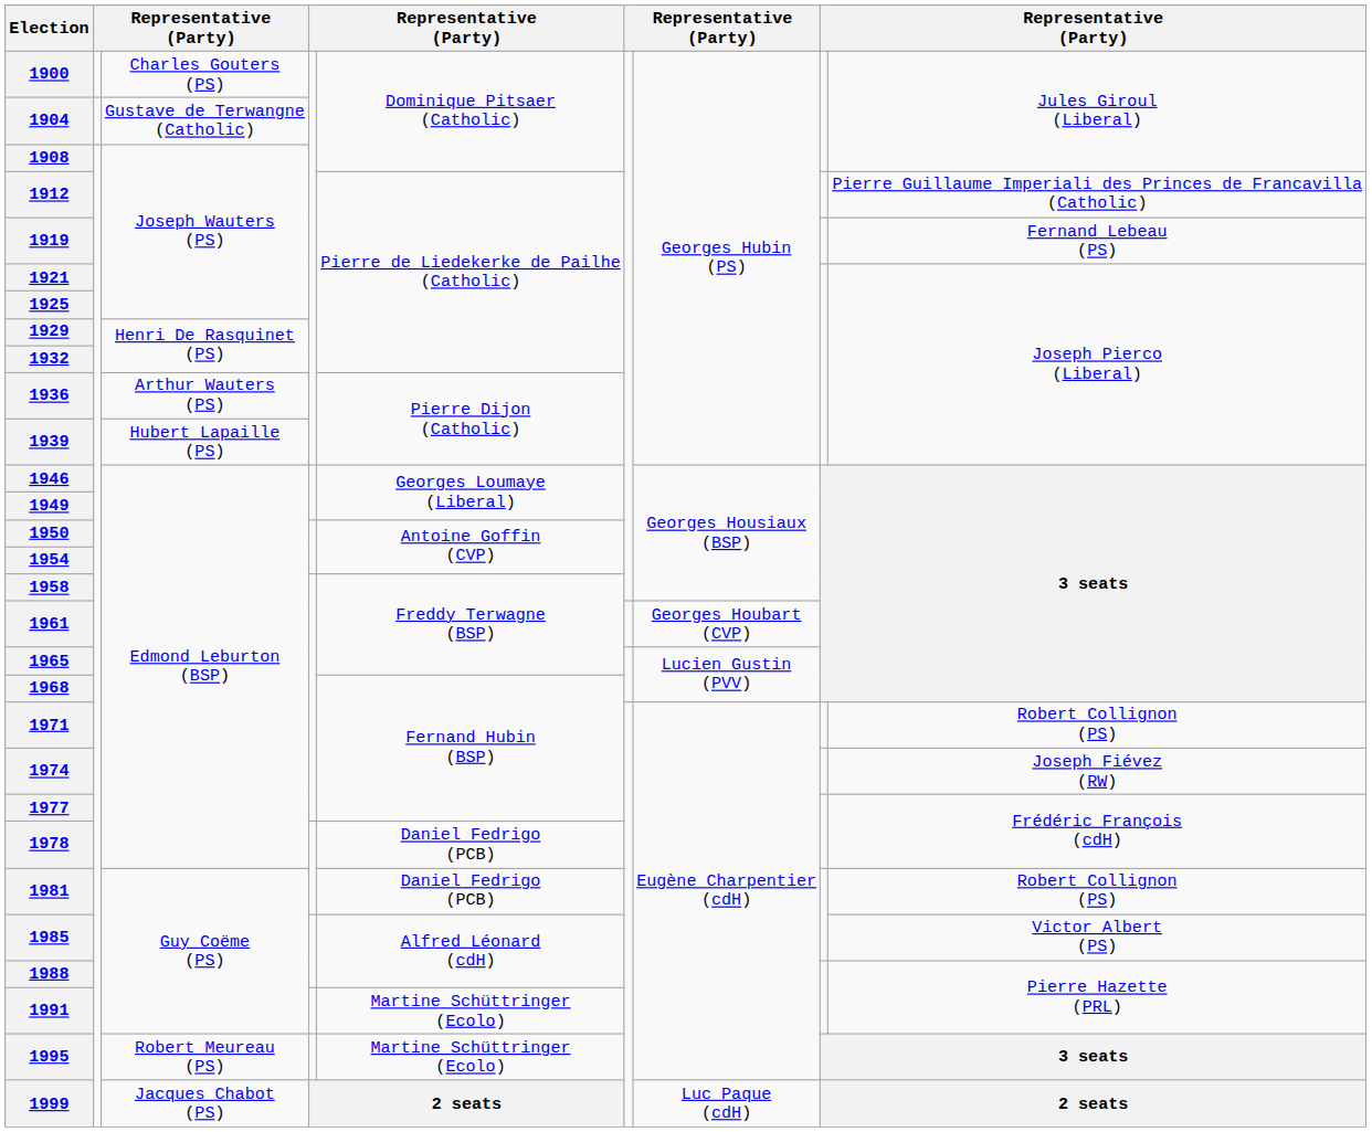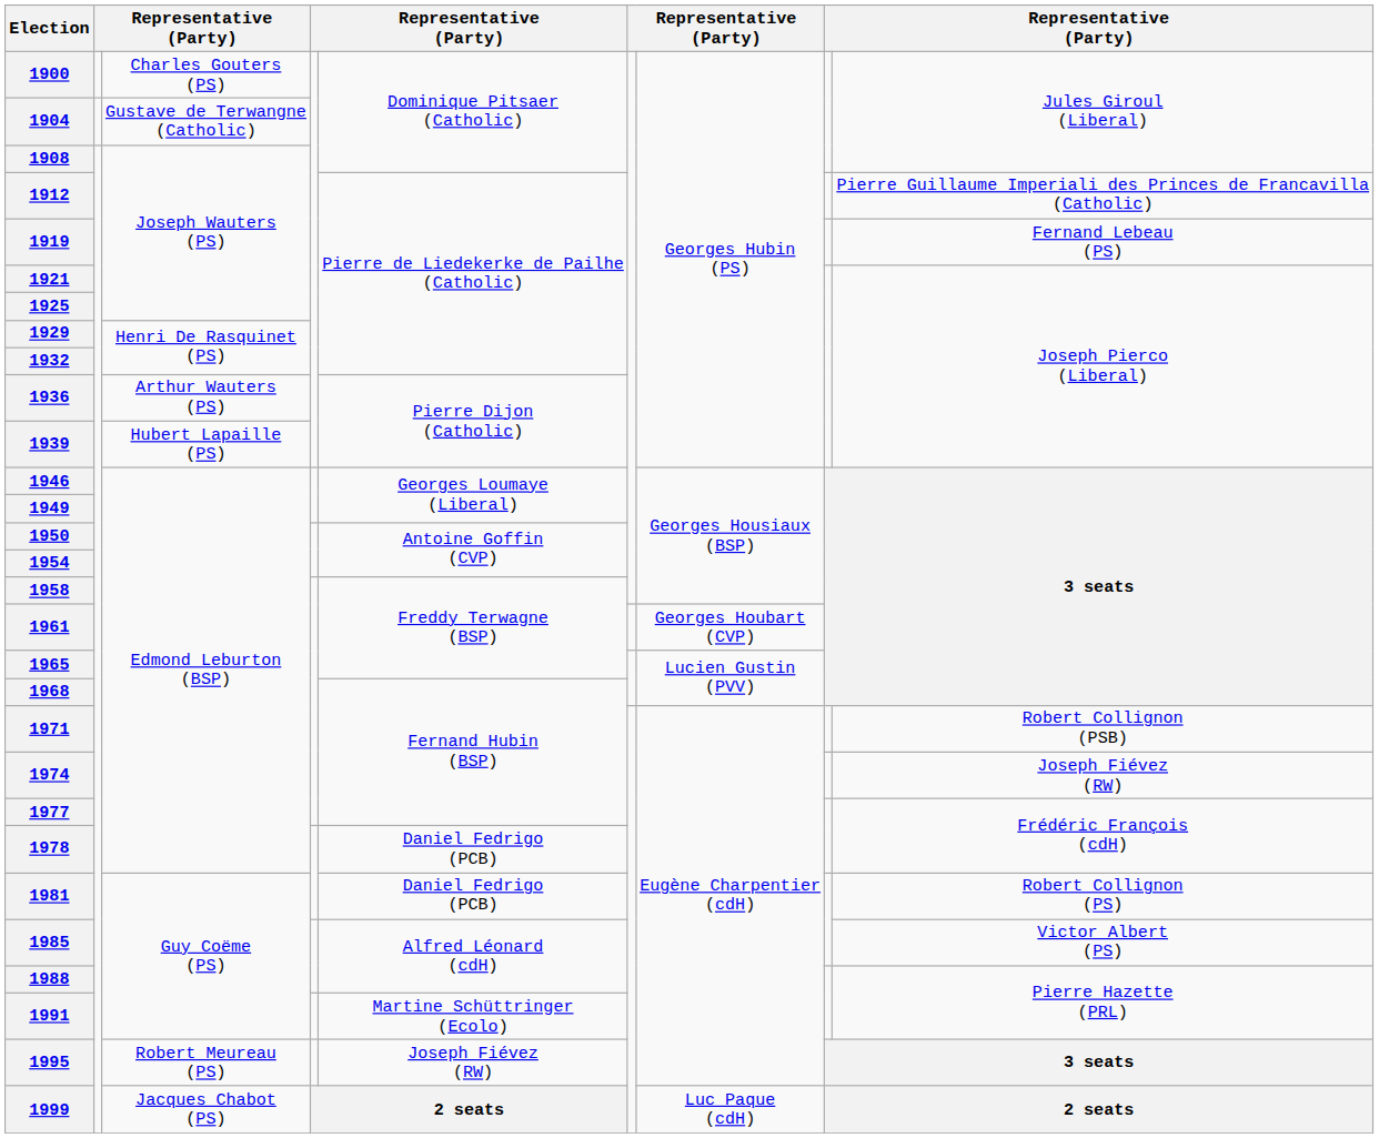 <table class="wikitable" style="text-align:center">
 <tr>
 <th>Election</th>
 <th colspan=2>Representative<br>(Party)</th>
 <th colspan=2>Representative<br>(Party)</th>
 <th colspan=2>Representative<br>(Party)</th>
 <th colspan=2>Representative<br>(Party)</th>
 </tr>
 <tr>
 <th><a href='#'>1900</a></th>
 <td rowspan=1; style="background-color: "></td>
 <td rowspan=1><a href='#'>Charles Gouters</a><br>(<a href='#'>PS</a>)</td>
 <td rowspan=11; style="background-color: "></td>
 <td rowspan=3><a href='#'>Dominique Pitsaer</a><br>(<a href='#'>Catholic</a>)</td>
 <td rowspan=16; style="background-color: "></td>
 <td rowspan=11><a href='#'>Georges Hubin</a><br>(<a href='#'>PS</a>)</td>
 <td rowspan=3; style="background-color: "></td>
 <td rowspan=3><a href='#'>Jules Giroul</a><br>(<a href='#'>Liberal</a>)</td>
 </tr>
 <tr>
 <th><a href='#'>1904</a></th>
 <td rowspan=1; style="background-color: "></td>
 <td rowspan=1><a href='#'>Gustave de Terwangne</a><br>(<a href='#'>Catholic</a>)</td>
 </tr>
 <tr>
 <th><a href='#'>1908</a></th>
 <td rowspan=27; style="background-color: "></td>
 <td rowspan=5><a href='#'>Joseph Wauters</a><br>(<a href='#'>PS</a>)</td>
 </tr>
 <tr>
 <th><a href='#'>1912</a></th>
 <td rowspan=6><a href='#'>Pierre de Liedekerke de Pailhe</a><br>(<a href='#'>Catholic</a>)</td>
 <td rowspan=1; style="background-color: "></td>
 <td rowspan=1><a href='#'>Pierre Guillaume Imperiali des Princes de Francavilla</a><br>(<a href='#'>Catholic</a>)</td>
 </tr>
 <tr>
 <th><a href='#'>1919</a></th>
 <td rowspan=1; style="background-color: "></td>
 <td rowspan=1><a href='#'>Fernand Lebeau</a><br>(<a href='#'>PS</a>)</td>
 </tr>
 <tr>
 <th><a href='#'>1921</a></th>
 <td rowspan=6; style="background-color: "></td>
 <td rowspan=6><a href='#'>Joseph Pierco</a><br>(<a href='#'>Liberal</a>)</td>
 </tr>
 <tr>
 <th><a href='#'>1925</a></th>
 </tr>
 <tr>
 <th><a href='#'>1929</a></th>
 <td rowspan=2><a href='#'>Henri De Rasquinet</a><br>(<a href='#'>PS</a>)</td>
 </tr>
 <tr>
 <th><a href='#'>1932</a></th>
 </tr>
 <tr>
 <th><a href='#'>1936</a></th>
 <td rowspan=1><a href='#'>Arthur Wauters</a><br>(<a href='#'>PS</a>)</td>
 <td rowspan=2><a href='#'>Pierre Dijon</a><br>(<a href='#'>Catholic</a>)</td>
 </tr>
 <tr>
 <th><a href='#'>1939</a></th>
 <td rowspan=1><a href='#'>Hubert Lapaille</a><br>(<a href='#'>PS</a>)</td>
 </tr>
 <tr>
 <th><a href='#'>1946</a></th>
 <td rowspan=12><a href='#'>Edmond Leburton</a><br>(<a href='#'>BSP</a>)</td>
 <td rowspan=2; style="background-color: "></td>
 <td rowspan=2><a href='#'>Georges Loumaye</a><br>(<a href='#'>Liberal</a>)</td>
 <td rowspan=5><a href='#'>Georges Housiaux</a><br>(<a href='#'>BSP</a>)</td>
 <th colspan=2; rowspan=8>3 seats</th>
 </tr>
 <tr>
 <th><a href='#'>1949</a></th>
 </tr>
 <tr>
 <th><a href='#'>1950</a></th>
 <td rowspan=2; style="background-color: "></td>
 <td rowspan=2><a href='#'>Antoine Goffin</a><br>(<a href='#'>CVP</a>)</td>
 </tr>
 <tr>
 <th><a href='#'>1954</a></th>
 </tr>
 <tr>
 <th><a href='#'>1958</a></th>
 <td rowspan=7; style="background-color: "></td>
 <td rowspan=3><a href='#'>Freddy Terwagne</a><br>(<a href='#'>BSP</a>)</td>
 </tr>
 <tr>
 <th><a href='#'>1961</a></th>
 <td rowspan=1; style="background-color: "></td>
 <td rowspan=1><a href='#'>Georges Houbart</a><br>(<a href='#'>CVP</a>)</td>
 </tr>
 <tr>
 <th><a href='#'>1965</a></th>
 <td rowspan=2; style="background-color: "></td>
 <td rowspan=2><a href='#'>Lucien Gustin</a><br>(<a href='#'>PVV</a>)</td>
 </tr>
 <tr>
 <th><a href='#'>1968</a></th>
 <td rowspan=4><a href='#'>Fernand Hubin</a><br>(<a href='#'>BSP</a>)</td>
 </tr>
 <tr>
 <th><a href='#'>1971</a></th>
 <td rowspan=10; style="background-color: "></td>
 <td rowspan=9><a href='#'>Eugène Charpentier</a><br>(<a href='#'>cdH</a>)</td>
 <td rowspan=1; style="background-color: "></td>
-<td rowspan=1><a href='#'>Robert Collignon</a><br>(<a href='#'>PS</a>)</td>
+<td rowspan=1><a href='#'>Robert Collignon</a><br>(PSB)</td>
 </tr>
 <tr>
 <th><a href='#'>1974</a></th>
 <td rowspan=1; style="background-color: "></td>
 <td rowspan=1><a href='#'>Joseph Fiévez</a><br>(<a href='#'>RW</a>)</td>
 </tr>
 <tr>
 <th><a href='#'>1977</a></th>
 <td rowspan=2; style="background-color: "></td>
 <td rowspan=2><a href='#'>Frédéric François</a><br>(<a href='#'>cdH</a>)</td>
 </tr>
 <tr>
 <th><a href='#'>1978</a></th>
 <td rowspan=2; style="background-color: "></td>
 <td rowspan=1><a href='#'>Daniel Fedrigo</a><br>(PCB)</td>
 </tr>
 <tr>
 <th><a href='#'>1981</a></th>
 <td rowspan=4><a href='#'>Guy Coëme</a><br>(<a href='#'>PS</a>)</td>
 <td rowspan=1><a href='#'>Daniel Fedrigo</a><br>(PCB)</td>
 <td rowspan=2; style="background-color: "></td>
 <td rowspan=1><a href='#'>Robert Collignon</a><br>(<a href='#'>PS</a>)</td>
 </tr>
 <tr>
 <th><a href='#'>1985</a></th>
 <td rowspan=2; style="background-color: "></td>
 <td rowspan=2><a href='#'>Alfred Léonard</a><br>(<a href='#'>cdH</a>)</td>
 <td rowspan=1><a href='#'>Victor Albert</a><br>(<a href='#'>PS</a>)</td>
 </tr>
 <tr>
 <th><a href='#'>1988</a></th>
 <td rowspan=2; style="background-color: "></td>
 <td rowspan=2><a href='#'>Pierre Hazette</a><br>(<a href='#'>PRL</a>)</td>
 </tr>
 <tr>
 <th><a href='#'>1991</a></th>
 <td rowspan=1; style="background-color: "></td>
 <td rowspan=1><a href='#'>Martine Schüttringer</a><br>(<a href='#'>Ecolo</a>)</td>
 </tr>
 <tr>
 <th><a href='#'>1995</a></th>
 <td rowspan=1><a href='#'>Robert Meureau</a><br>(<a href='#'>PS</a>)</td>
 <td rowspan=1; style="background-color: "></td>
-<td rowspan=1><a href='#'>Martine Schüttringer</a><br>(<a href='#'>Ecolo</a>)</td>
+<td rowspan=1><a href='#'>Joseph Fiévez</a><br>(<a href='#'>RW</a>)</td>
 <th colspan=2>3 seats</th>
 </tr>
 <tr>
 <th><a href='#'>1999</a></th>
 <td rowspan=1><a href='#'>Jacques Chabot</a><br>(<a href='#'>PS</a>)</td>
 <th colspan=2>2 seats</th>
 <td rowspan=1><a href='#'>Luc Paque</a><br>(<a href='#'>cdH</a>)</td>
 <th colspan=2>2 seats</th>
 </tr>
 </table>
